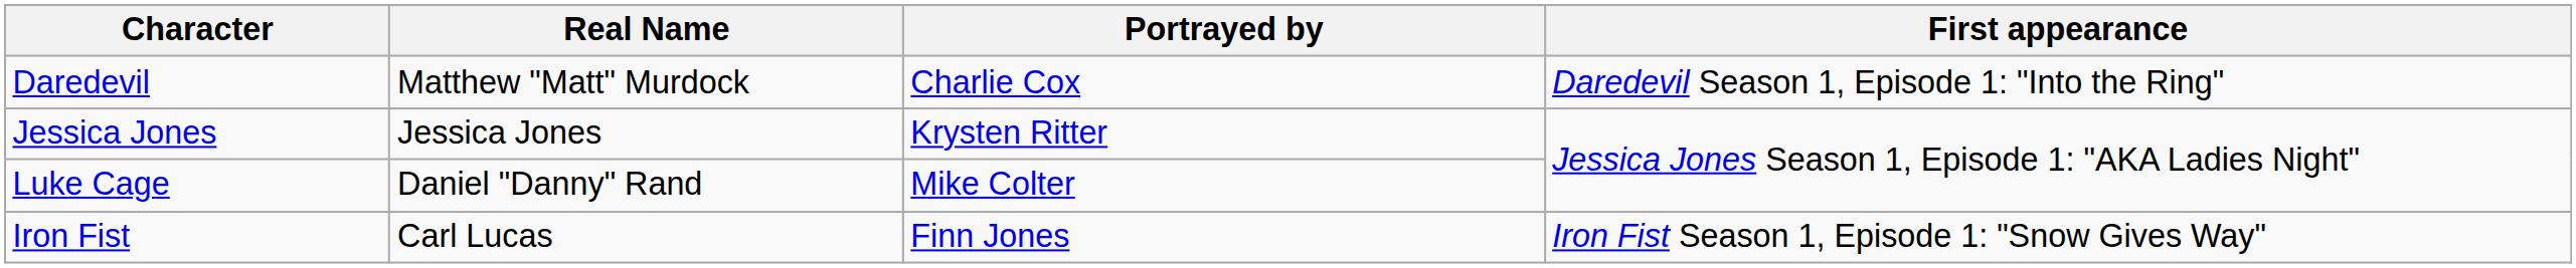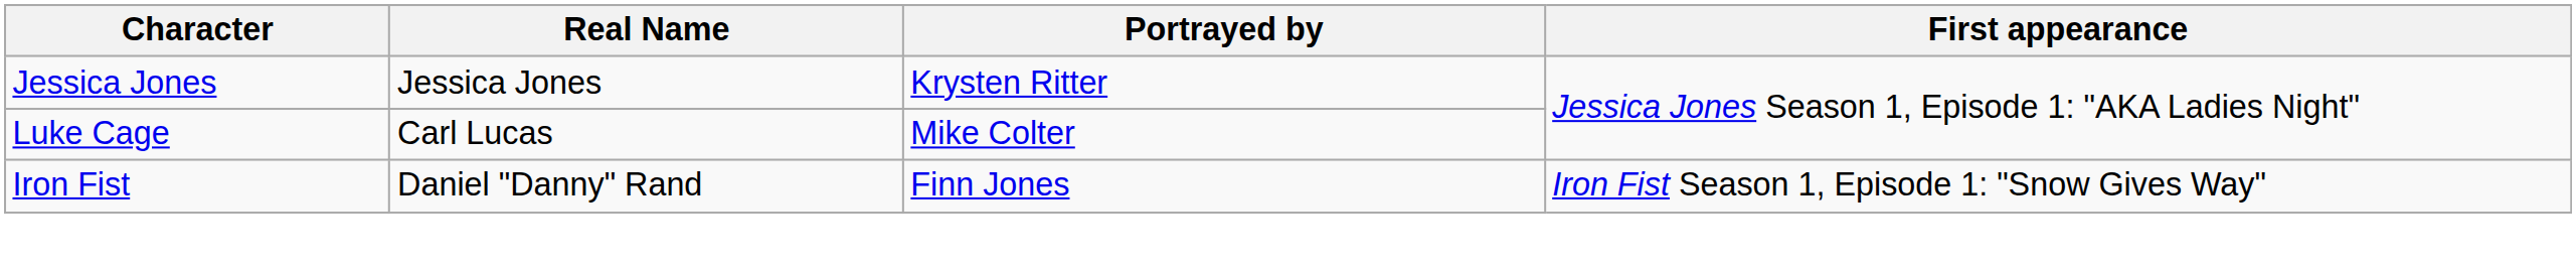 <table class="wikitable" style="width:100%;">
 <tr>
 <th width=15%>Character</th>
 <th width=20%>Real Name</th>
 <th width=25%>Portrayed by</th>
 <th width=40%>First appearance</th>
-</tr>
-<tr>
-<td><a href='#'>Daredevil</a></td>
-<td>Matthew "Matt" Murdock</td>
-<td><a href='#'>Charlie Cox</a></td>
-<td><em><a href='#'>Daredevil</a></em> Season 1, Episode 1: "Into the Ring"</td>
 </tr>
 <tr>
 <td><a href='#'>Jessica Jones</a></td>
 <td>Jessica Jones</td>
 <td><a href='#'>Krysten Ritter</a></td>
 <td rowspan="2"><em><a href='#'>Jessica Jones</a></em> Season 1, Episode 1: "AKA Ladies Night"</td>
 </tr>
 <tr>
 <td><a href='#'>Luke Cage</a></td>
-<td>Daniel "Danny" Rand</td>
+<td>Carl Lucas</td>
 <td><a href='#'>Mike Colter</a></td>
 </tr>
 <tr>
 <td><a href='#'>Iron Fist</a></td>
-<td>Carl Lucas</td>
+<td>Daniel "Danny" Rand</td>
 <td><a href='#'>Finn Jones</a></td>
 <td><em><a href='#'>Iron Fist</a></em> Season 1, Episode 1: "Snow Gives Way"</td>
 </tr>
 </table>
